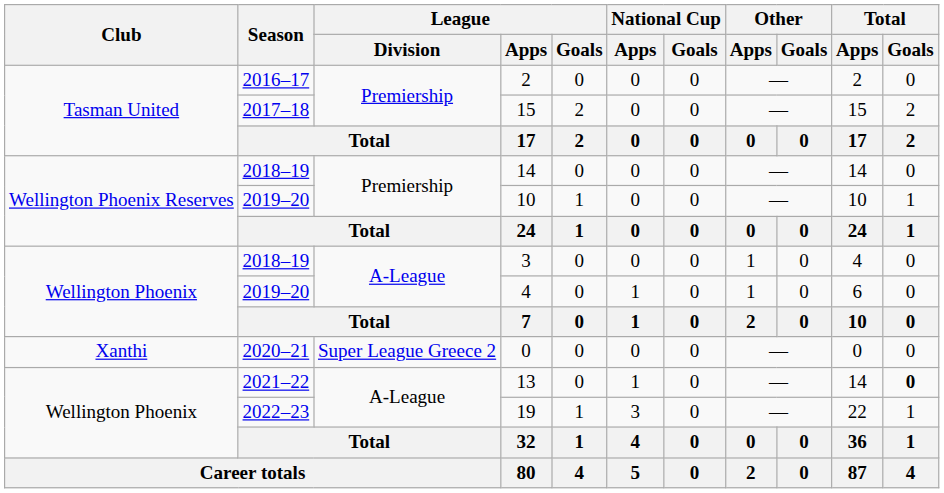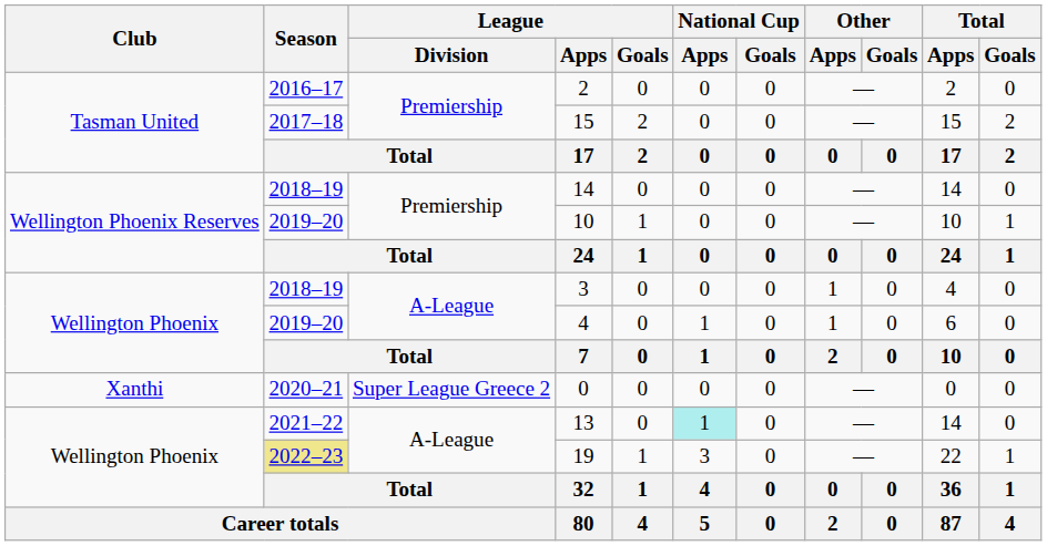 <table class="wikitable" style="text-align:center">
 <tr>
 <th rowspan="2">Club</th>
 <th rowspan="2">Season</th>
 <th colspan="3">League</th>
 <th colspan="2">National Cup</th>
 <th colspan="2">Other</th>
 <th colspan="2">Total</th>
 </tr>
 <tr>
 <th>Division</th>
 <th>Apps</th>
 <th>Goals</th>
 <th>Apps</th>
 <th>Goals</th>
 <th>Apps</th>
 <th>Goals</th>
 <th>Apps</th>
 <th>Goals</th>
 </tr>
 <tr>
 <td rowspan="3"><a href='#'>Tasman United</a></td>
 <td><a href='#'>2016–17</a></td>
 <td rowspan="2"><a href='#'>Premiership</a></td>
 <td>2</td>
 <td>0</td>
 <td>0</td>
 <td>0</td>
 <td colspan="2">—</td>
 <td>2</td>
 <td>0</td>
 </tr>
 <tr>
 <td><a href='#'>2017–18</a></td>
 <td>15</td>
 <td>2</td>
 <td>0</td>
 <td>0</td>
 <td colspan="2">—</td>
 <td>15</td>
 <td>2</td>
 </tr>
 <tr>
 <th colspan="2">Total</th>
 <th>17</th>
 <th>2</th>
 <th>0</th>
 <th>0</th>
 <th>0</th>
 <th>0</th>
 <th>17</th>
 <th>2</th>
 </tr>
 <tr>
 <td rowspan="3"><a href='#'>Wellington Phoenix Reserves</a></td>
 <td><a href='#'>2018–19</a></td>
 <td rowspan="2">Premiership</td>
 <td>14</td>
 <td>0</td>
 <td>0</td>
 <td>0</td>
 <td colspan="2">—</td>
 <td>14</td>
 <td>0</td>
 </tr>
 <tr>
 <td><a href='#'>2019–20</a></td>
 <td>10</td>
 <td>1</td>
 <td>0</td>
 <td>0</td>
 <td colspan="2">—</td>
 <td>10</td>
 <td>1</td>
 </tr>
 <tr>
 <th colspan="2">Total</th>
 <th>24</th>
 <th>1</th>
 <th>0</th>
 <th>0</th>
 <th>0</th>
 <th>0</th>
 <th>24</th>
 <th>1</th>
 </tr>
 <tr>
 <td rowspan="3"><a href='#'>Wellington Phoenix</a></td>
 <td><a href='#'>2018–19</a></td>
 <td rowspan="2"><a href='#'>A-League</a></td>
 <td>3</td>
 <td>0</td>
 <td>0</td>
 <td>0</td>
 <td>1</td>
 <td>0</td>
 <td>4</td>
 <td>0</td>
 </tr>
 <tr>
 <td><a href='#'>2019–20</a></td>
 <td>4</td>
 <td>0</td>
 <td>1</td>
 <td>0</td>
 <td>1</td>
 <td>0</td>
 <td>6</td>
 <td>0</td>
 </tr>
 <tr>
 <th colspan="2">Total</th>
 <th>7</th>
 <th>0</th>
 <th>1</th>
 <th>0</th>
 <th>2</th>
 <th>0</th>
 <th>10</th>
 <th>0</th>
 </tr>
 <tr>
 <td><a href='#'>Xanthi</a></td>
 <td><a href='#'>2020–21</a></td>
 <td><a href='#'>Super League Greece 2</a></td>
 <td>0</td>
 <td>0</td>
 <td>0</td>
 <td>0</td>
 <td colspan="2">—</td>
 <td>0</td>
 <td>0</td>
 </tr>
 <tr>
 <td rowspan="3">Wellington Phoenix</td>
 <td><a href='#'>2021–22</a></td>
 <td rowspan="2">A-League</td>
 <td>13</td>
 <td>0</td>
-<td>1</td>
+<td style="background: paleturquoise;">1</td>
 <td>0</td>
 <td colspan="2">—</td>
 <td>14</td>
-<td><strong>0</strong></td>
+<td>0</td>
 </tr>
 <tr>
-<td><a href='#'>2022–23</a></td>
+<td style="background: khaki;"><a href='#'>2022–23</a></td>
 <td>19</td>
 <td>1</td>
 <td>3</td>
 <td>0</td>
 <td colspan="2">—</td>
 <td>22</td>
 <td>1</td>
 </tr>
 <tr>
 <th colspan="2">Total</th>
 <th>32</th>
 <th>1</th>
 <th>4</th>
 <th>0</th>
 <th>0</th>
 <th>0</th>
 <th>36</th>
 <th>1</th>
 </tr>
 <tr>
 <th colspan="3">Career totals</th>
 <th>80</th>
 <th>4</th>
 <th>5</th>
 <th>0</th>
 <th>2</th>
 <th>0</th>
 <th>87</th>
 <th>4</th>
 </tr>
 </table>
